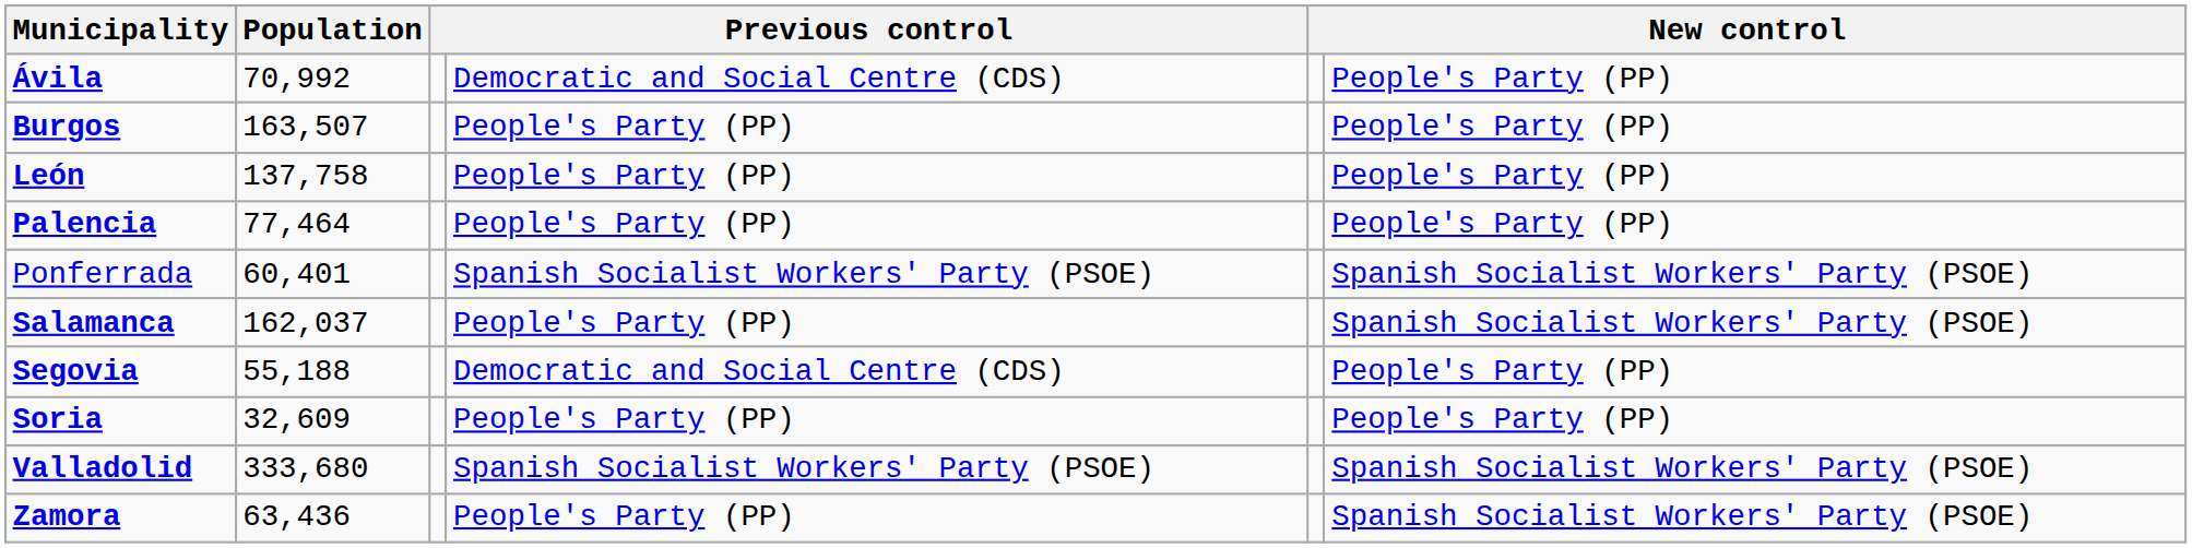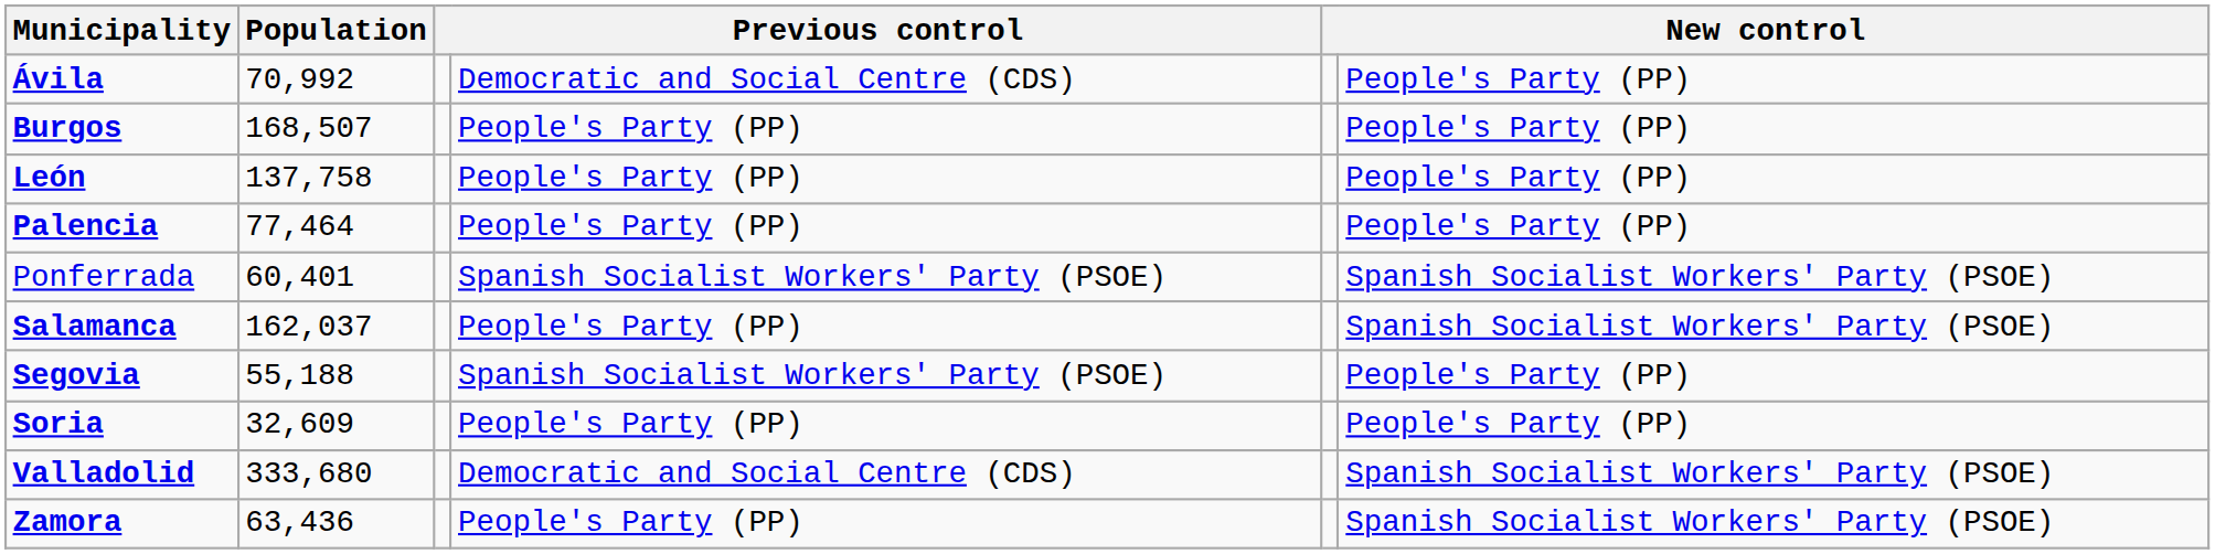 <table class="wikitable sortable">
 <tr>
 <th>Municipality</th>
 <th>Population</th>
 <th colspan="2" style="width:375px;">Previous control</th>
 <th colspan="2" style="width:375px;">New control</th>
 </tr>
 <tr>
 <td><strong><a href='#'>Ávila</a></strong></td>
 <td>70,992</td>
 <td width="1" style="color:inherit;background:"></td>
 <td><a href='#'>Democratic and Social Centre</a> (CDS)</td>
 <td width="1" style="color:inherit;background:"></td>
 <td><a href='#'>People's Party</a> (PP)</td>
 </tr>
 <tr>
 <td><strong><a href='#'>Burgos</a></strong></td>
-<td>163,507</td>
+<td>168,507</td>
 <td style="color:inherit;background:"></td>
 <td><a href='#'>People's Party</a> (PP)</td>
 <td style="color:inherit;background:"></td>
 <td><a href='#'>People's Party</a> (PP)</td>
 </tr>
 <tr>
 <td><strong><a href='#'>León</a></strong></td>
 <td>137,758</td>
 <td style="color:inherit;background:"></td>
 <td><a href='#'>People's Party</a> (PP)</td>
 <td style="color:inherit;background:"></td>
 <td><a href='#'>People's Party</a> (PP)</td>
 </tr>
 <tr>
 <td><strong><a href='#'>Palencia</a></strong></td>
 <td>77,464</td>
 <td style="color:inherit;background:"></td>
 <td><a href='#'>People's Party</a> (PP)</td>
 <td style="color:inherit;background:"></td>
 <td><a href='#'>People's Party</a> (PP)</td>
 </tr>
 <tr>
 <td><a href='#'>Ponferrada</a></td>
 <td>60,401</td>
 <td style="color:inherit;background:"></td>
 <td><a href='#'>Spanish Socialist Workers' Party</a> (PSOE)</td>
 <td style="color:inherit;background:"></td>
 <td><a href='#'>Spanish Socialist Workers' Party</a> (PSOE)</td>
 </tr>
 <tr>
 <td><strong><a href='#'>Salamanca</a></strong></td>
 <td>162,037</td>
 <td style="color:inherit;background:"></td>
 <td><a href='#'>People's Party</a> (PP)</td>
 <td style="color:inherit;background:"></td>
 <td><a href='#'>Spanish Socialist Workers' Party</a> (PSOE)</td>
 </tr>
 <tr>
 <td><strong><a href='#'>Segovia</a></strong></td>
 <td>55,188</td>
 <td style="color:inherit;background:"></td>
-<td><a href='#'>Democratic and Social Centre</a> (CDS)</td>
+<td><a href='#'>Spanish Socialist Workers' Party</a> (PSOE)</td>
 <td style="color:inherit;background:"></td>
 <td><a href='#'>People's Party</a> (PP)</td>
 </tr>
 <tr>
 <td><strong><a href='#'>Soria</a></strong></td>
 <td>32,609</td>
 <td style="color:inherit;background:"></td>
 <td><a href='#'>People's Party</a> (PP)</td>
 <td style="color:inherit;background:"></td>
 <td><a href='#'>People's Party</a> (PP)</td>
 </tr>
 <tr>
 <td><strong><a href='#'>Valladolid</a></strong></td>
 <td>333,680</td>
 <td style="color:inherit;background:"></td>
-<td><a href='#'>Spanish Socialist Workers' Party</a> (PSOE)</td>
+<td><a href='#'>Democratic and Social Centre</a> (CDS)</td>
 <td style="color:inherit;background:"></td>
 <td><a href='#'>Spanish Socialist Workers' Party</a> (PSOE)</td>
 </tr>
 <tr>
 <td><strong><a href='#'>Zamora</a></strong></td>
 <td>63,436</td>
 <td style="color:inherit;background:"></td>
 <td><a href='#'>People's Party</a> (PP)</td>
 <td style="color:inherit;background:"></td>
 <td><a href='#'>Spanish Socialist Workers' Party</a> (PSOE)</td>
 </tr>
 </table>
